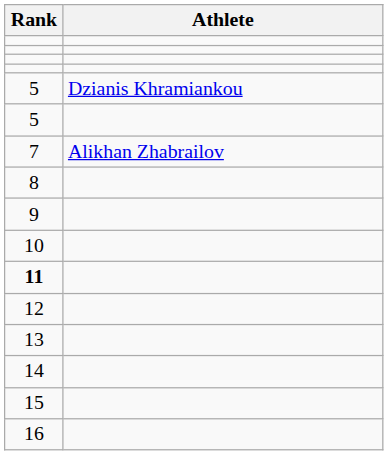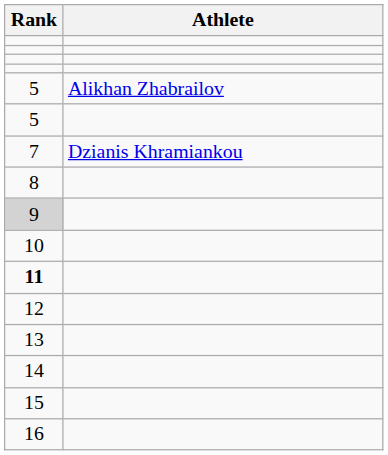 <table class="wikitable" style="text-align: center;">
 <tr>
 <th width=40>Rank</th>
 <th width=250>Athlete</th>
 </tr>
 <tr>
 <td></td>
 <td align="left"></td>
 </tr>
 <tr>
 <td></td>
 <td align="left"></td>
 </tr>
 <tr>
 <td></td>
 <td align="left"></td>
 </tr>
 <tr>
 <td></td>
 <td align="left"></td>
 </tr>
 <tr>
 <td>5</td>
-<td align="left"> <a href='#'>Dzianis Khramiankou</a> </td>
+<td align="left"> <a href='#'>Alikhan Zhabrailov</a> </td>
 </tr>
 <tr>
 <td>5</td>
 <td align="left"></td>
 </tr>
 <tr>
 <td>7</td>
-<td align="left"> <a href='#'>Alikhan Zhabrailov</a> </td>
+<td align="left"> <a href='#'>Dzianis Khramiankou</a> </td>
 </tr>
 <tr>
 <td>8</td>
 <td align="left"></td>
 </tr>
 <tr>
-<td>9</td>
+<td style="background: lightgrey;">9</td>
 <td align="left"></td>
 </tr>
 <tr>
 <td>10</td>
 <td align="left"></td>
 </tr>
 <tr>
 <td><strong>11</strong></td>
 <td align="left"></td>
 </tr>
 <tr>
 <td>12</td>
 <td align="left"></td>
 </tr>
 <tr>
 <td>13</td>
 <td align="left"></td>
 </tr>
 <tr>
 <td>14</td>
 <td align="left"></td>
 </tr>
 <tr>
 <td>15</td>
 <td align="left"></td>
 </tr>
 <tr>
 <td>16</td>
 <td align="left"></td>
 </tr>
 </table>
